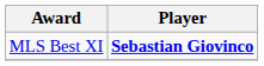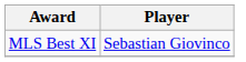 <table class=wikitable>
 <tr>
 <th>Award</th>
 <th>Player</th>
 </tr>
 <tr>
 <td><a href='#'>MLS Best XI</a></td>
-<td><strong> <a href='#'>Sebastian Giovinco</a></strong></td>
+<td> <a href='#'>Sebastian Giovinco</a></td>
 </tr>
 <tr>
 </tr>
 </table>
